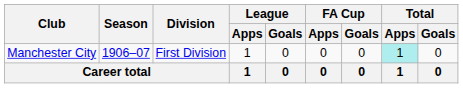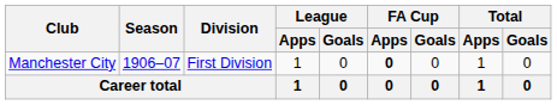 <table class="wikitable" style="text-align:center;">
 <tr>
 <th rowspan="2">Club</th>
 <th rowspan="2">Season</th>
 <th rowspan="2">Division</th>
 <th colspan="2">League</th>
 <th colspan="2">FA Cup</th>
 <th colspan="2">Total</th>
 </tr>
 <tr>
 <th>Apps</th>
 <th>Goals</th>
 <th>Apps</th>
 <th>Goals</th>
 <th>Apps</th>
 <th>Goals</th>
 </tr>
 <tr>
 <td><a href='#'>Manchester City</a></td>
 <td><a href='#'>1906–07</a></td>
 <td><a href='#'>First Division</a></td>
 <td>1</td>
 <td>0</td>
+<td><strong>0</strong></td>
 <td>0</td>
-<td>0</td>
-<td style="background: paleturquoise;">1</td>
+<td>1</td>
 <td>0</td>
 </tr>
 <tr>
 <th colspan="3">Career total</th>
 <th>1</th>
 <th>0</th>
 <th>0</th>
 <th>0</th>
 <th>1</th>
 <th>0</th>
 </tr>
 </table>
